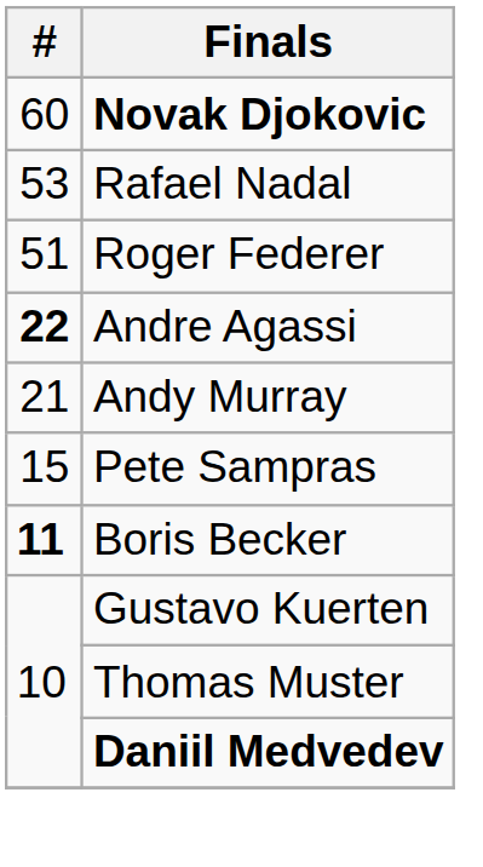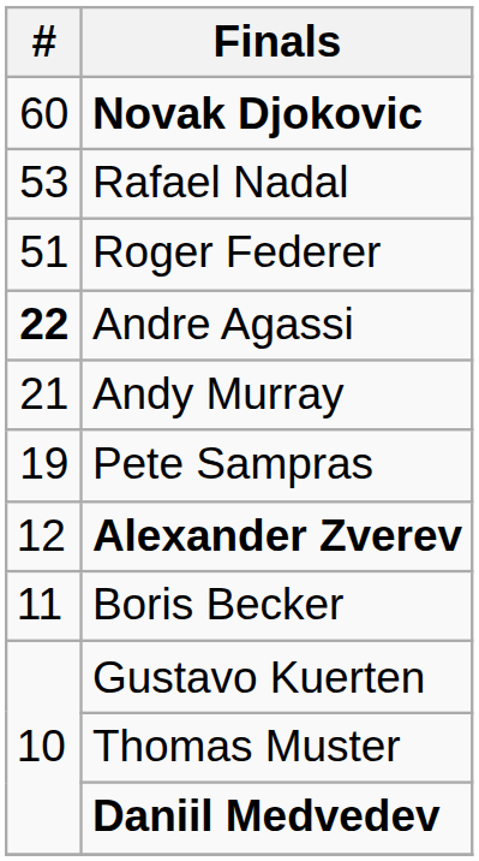 <table class="wikitable" style="display:inline-table;">
 <tr>
 <th width=20>#</th>
 <th>Finals</th>
 </tr>
 <tr>
 <td style="text-align: center;">60</td>
 <td> <strong>Novak Djokovic</strong></td>
 </tr>
 <tr>
 <td style="text-align: center;">53</td>
 <td> Rafael Nadal</td>
 </tr>
 <tr>
 <td style="text-align: center;">51</td>
 <td> Roger Federer</td>
 </tr>
 <tr>
 <td style="text-align: center;"><strong>22</strong></td>
 <td> Andre Agassi</td>
 </tr>
 <tr>
 <td style="text-align: center;">21</td>
 <td> Andy Murray</td>
 </tr>
 <tr>
-<td style="text-align: center;">15</td>
+<td style="text-align: center;">19</td>
 <td> Pete Sampras</td>
 </tr>
 <tr>
-<td><strong>11</strong></td>
+<td>12</td>
+<td> <strong>Alexander Zverev</strong></td>
+</tr>
+<tr>
+<td>11</td>
 <td> Boris Becker</td>
 </tr>
 <tr>
 <td rowspan="3">10</td>
 <td> Gustavo Kuerten</td>
 </tr>
 <tr>
 <td> Thomas Muster</td>
 </tr>
 <tr>
 <td> <strong>Daniil Medvedev</strong></td>
 </tr>
 <tr>
 </tr>
 </table>
